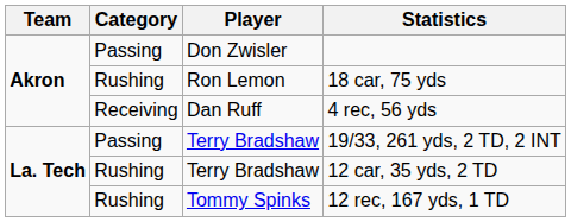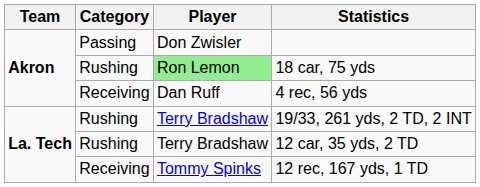 <table class="wikitable">
 <tr>
 <th>Team</th>
 <th>Category</th>
 <th>Player</th>
 <th>Statistics</th>
 </tr>
 <tr>
 <td rowspan=3><strong>Akron</strong></td>
 <td>Passing</td>
 <td>Don Zwisler</td>
 <td></td>
 </tr>
 <tr>
 <td>Rushing</td>
-<td>Ron Lemon</td>
+<td style="background: lightgreen;">Ron Lemon</td>
 <td>18 car, 75 yds</td>
 </tr>
 <tr>
 <td>Receiving</td>
 <td>Dan Ruff</td>
 <td>4 rec, 56 yds</td>
 </tr>
 <tr>
 <td rowspan=3><strong>La. Tech</strong></td>
-<td>Passing</td>
+<td>Rushing</td>
 <td><a href='#'>Terry Bradshaw</a></td>
 <td>19/33, 261 yds, 2 TD, 2 INT</td>
 </tr>
 <tr>
 <td>Rushing</td>
 <td>Terry Bradshaw</td>
 <td>12 car, 35 yds, 2 TD</td>
 </tr>
 <tr>
-<td>Rushing</td>
+<td>Receiving</td>
 <td><a href='#'>Tommy Spinks</a></td>
 <td>12 rec, 167 yds, 1 TD</td>
 </tr>
 </table>
